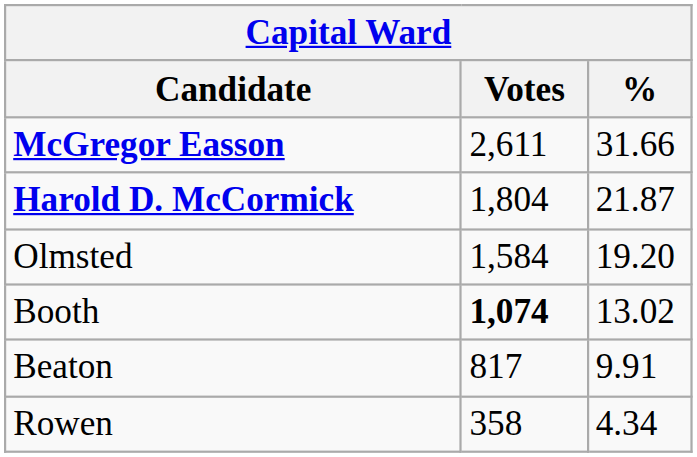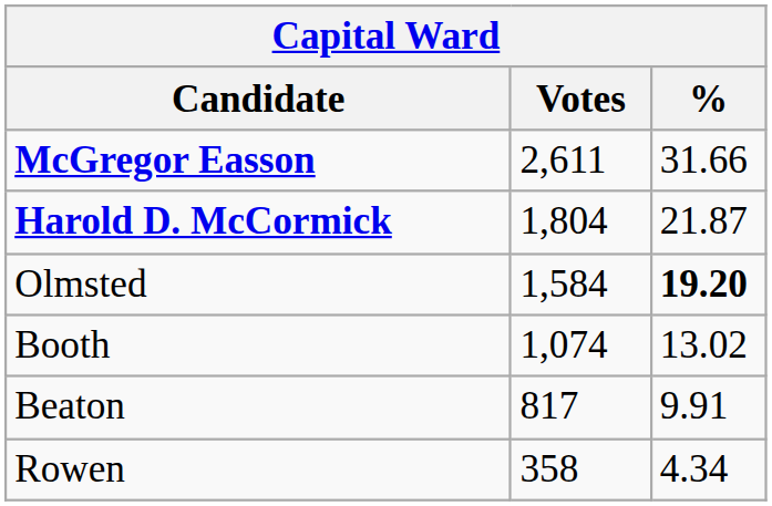 <table class="wikitable">
 <tr>
 <th colspan="3"><a href='#'>Capital Ward</a></th>
 </tr>
 <tr>
 <th style="width: 200px">Candidate</th>
 <th style="width: 50px">Votes</th>
 <th style="width: 40px">%</th>
 </tr>
 <tr>
 <td><strong><a href='#'>McGregor Easson</a></strong></td>
 <td>2,611</td>
 <td>31.66</td>
 </tr>
 <tr>
 <td><strong><a href='#'>Harold D. McCormick</a></strong></td>
 <td>1,804</td>
 <td>21.87</td>
 </tr>
 <tr>
 <td>Olmsted</td>
 <td>1,584</td>
-<td>19.20</td>
+<td><strong>19.20</strong></td>
 </tr>
 <tr>
 <td>Booth</td>
-<td><strong>1,074</strong></td>
+<td>1,074</td>
 <td>13.02</td>
 </tr>
 <tr>
 <td>Beaton</td>
 <td>817</td>
 <td>9.91</td>
 </tr>
 <tr>
 <td>Rowen</td>
 <td>358</td>
 <td>4.34</td>
 </tr>
 </table>
